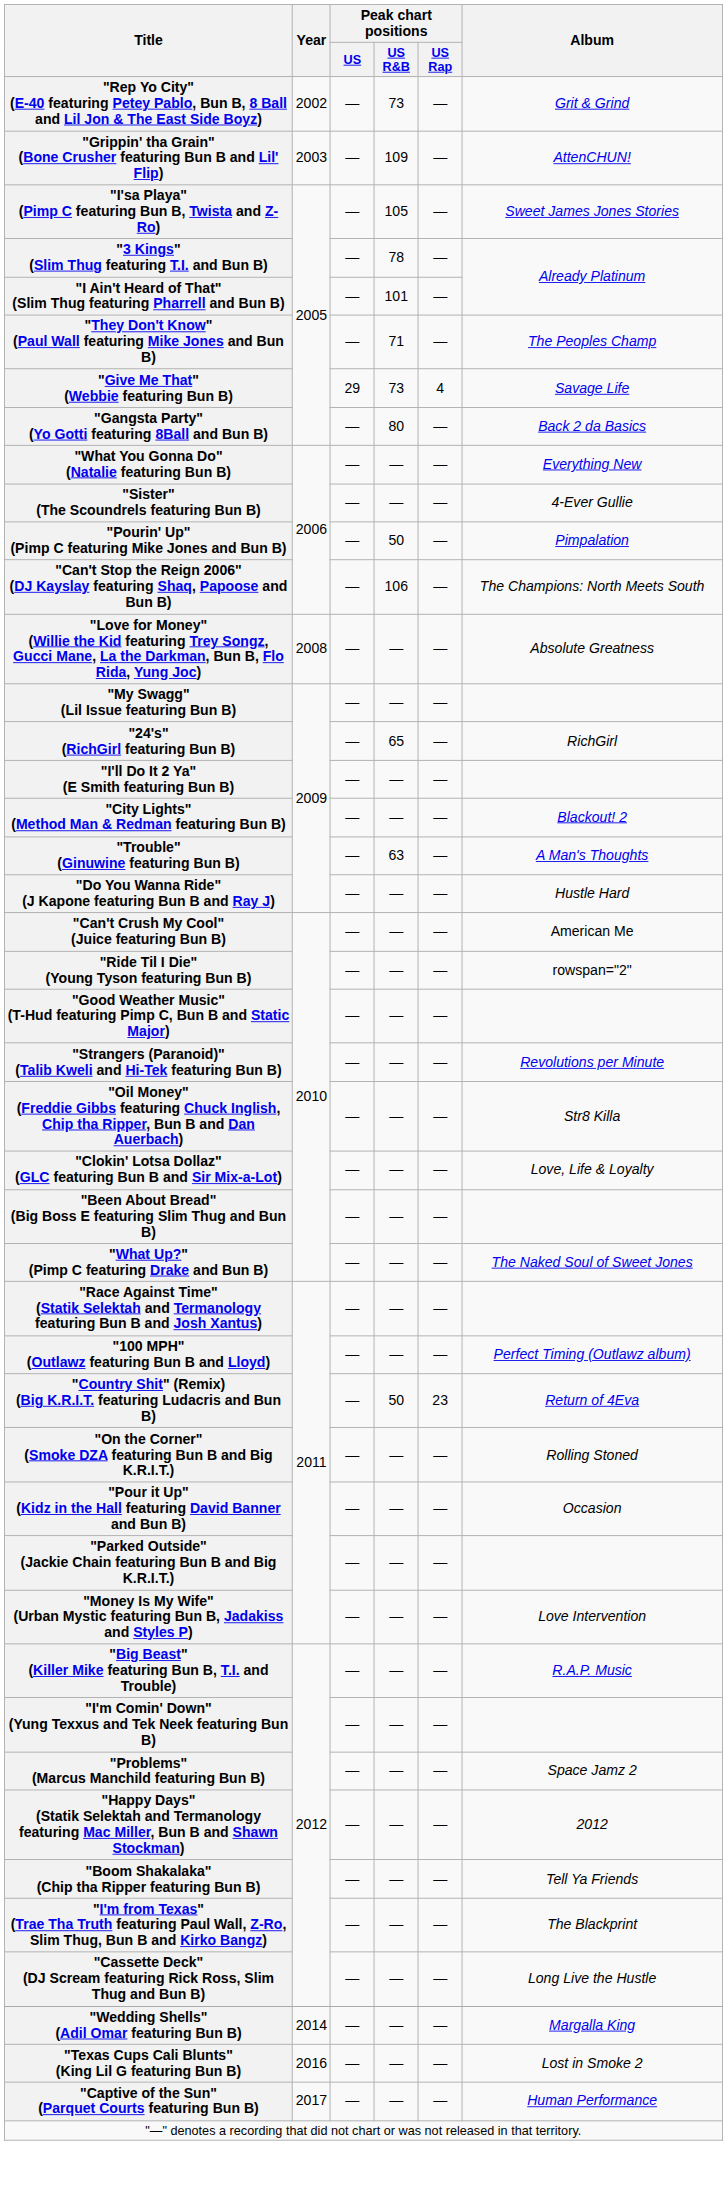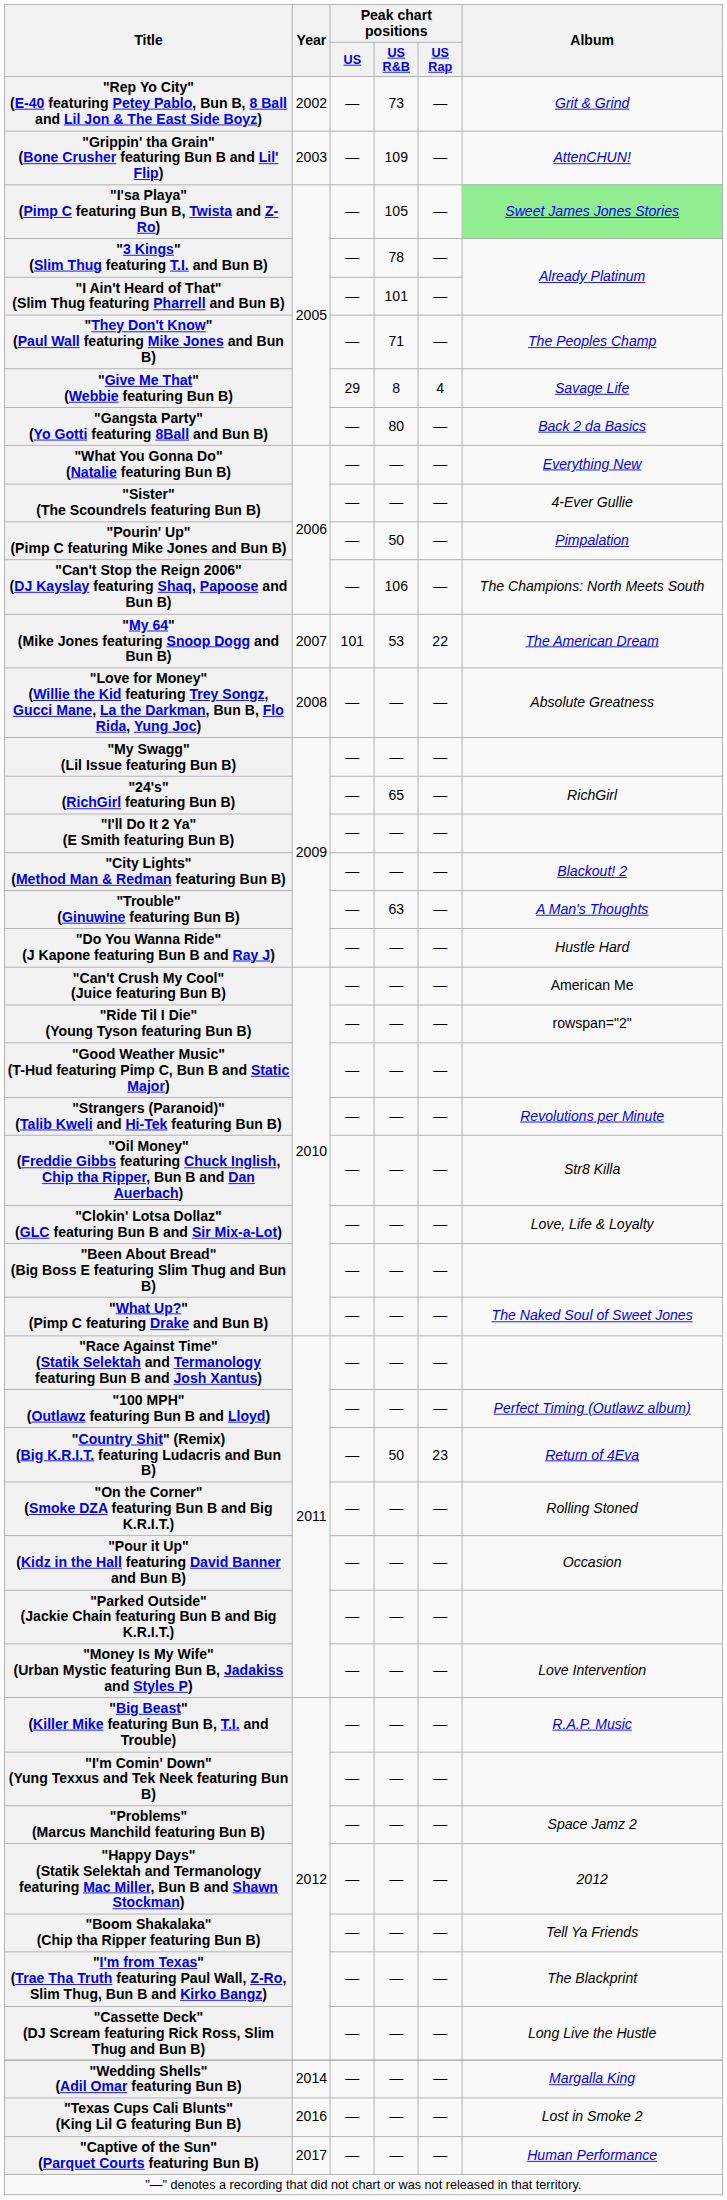 <table class="wikitable plainrowheaders" style="text-align:center;" border="1">
 <tr>
 <th scope="col" rowspan="2" style="width:20em;">Title</th>
 <th scope="col" rowspan="2">Year</th>
 <th scope="col" colspan="3">Peak chart positions</th>
 <th scope="col" rowspan="2" style="width:18em;">Album</th>
 </tr>
 <tr>
 <th scope="col" style="width:3em;font-size:90%;"><a href='#'>US</a><br></th>
 <th scope="col" style="width:3em;font-size:90%;"><a href='#'>US R&B</a><br></th>
 <th scope="col" style="width:3em;font-size:90%;"><a href='#'>US Rap</a><br></th>
 </tr>
 <tr>
 <th scope="row">"Rep Yo City"<br><span>(<a href='#'>E-40</a> featuring <a href='#'>Petey Pablo</a>, Bun B, <a href='#'>8 Ball</a> and <a href='#'>Lil Jon & The East Side Boyz</a>)</span></th>
 <td>2002</td>
 <td>—</td>
 <td>73</td>
 <td>—</td>
 <td><em><a href='#'>Grit & Grind</a></em></td>
 </tr>
 <tr>
 <th scope="row">"Grippin' tha Grain"<br><span>(<a href='#'>Bone Crusher</a> featuring Bun B and <a href='#'>Lil' Flip</a>)</span></th>
 <td>2003</td>
 <td>—</td>
 <td>109</td>
 <td>—</td>
 <td><em><a href='#'>AttenCHUN!</a></em></td>
 </tr>
 <tr>
 <th scope="row">"I'sa Playa"<br><span>(<a href='#'>Pimp C</a> featuring Bun B, <a href='#'>Twista</a> and <a href='#'>Z-Ro</a>)</span></th>
 <td rowspan="6">2005</td>
 <td>—</td>
 <td>105</td>
 <td>—</td>
-<td><em><a href='#'>Sweet James Jones Stories</a></em></td>
+<td style="background: lightgreen;"><em><a href='#'>Sweet James Jones Stories</a></em></td>
 </tr>
 <tr>
 <th scope="row">"<a href='#'>3 Kings</a>"<br><span>(<a href='#'>Slim Thug</a> featuring <a href='#'>T.I.</a> and Bun B)</span></th>
 <td>—</td>
 <td>78</td>
 <td>—</td>
 <td rowspan="2"><em><a href='#'>Already Platinum</a></em></td>
 </tr>
 <tr>
 <th scope="row">"I Ain't Heard of That"<br><span>(Slim Thug featuring <a href='#'>Pharrell</a> and Bun B)</span></th>
 <td>—</td>
 <td>101</td>
 <td>—</td>
 </tr>
 <tr>
 <th scope="row">"<a href='#'>They Don't Know</a>"<br><span>(<a href='#'>Paul Wall</a> featuring <a href='#'>Mike Jones</a> and Bun B)</span></th>
 <td>—</td>
 <td>71</td>
 <td>—</td>
 <td><em><a href='#'>The Peoples Champ</a></em></td>
 </tr>
 <tr>
 <th scope="row">"<a href='#'>Give Me That</a>"<br><span>(<a href='#'>Webbie</a> featuring Bun B)</span></th>
 <td>29</td>
-<td>73</td>
+<td>8</td>
 <td>4</td>
 <td><em><a href='#'>Savage Life</a></em></td>
 </tr>
 <tr>
 <th scope="row">"Gangsta Party"<br><span>(<a href='#'>Yo Gotti</a> featuring <a href='#'>8Ball</a> and Bun B)</span></th>
 <td>—</td>
 <td>80</td>
 <td>—</td>
 <td><em><a href='#'>Back 2 da Basics</a></em></td>
 </tr>
 <tr>
 <th scope="row">"What You Gonna Do"<br><span>(<a href='#'>Natalie</a> featuring Bun B)</span></th>
 <td rowspan="4">2006</td>
 <td>—</td>
 <td>—</td>
 <td>—</td>
 <td><em><a href='#'>Everything New</a></em></td>
 </tr>
 <tr>
 <th scope="row">"Sister"<br><span>(The Scoundrels featuring Bun B)</span></th>
 <td>—</td>
 <td>—</td>
 <td>—</td>
 <td><em>4-Ever Gullie</em></td>
 </tr>
 <tr>
 <th scope="row">"Pourin' Up"<br><span>(Pimp C featuring Mike Jones and Bun B)</span></th>
 <td>—</td>
 <td>50</td>
 <td>—</td>
 <td><em><a href='#'>Pimpalation</a></em></td>
 </tr>
 <tr>
 <th scope="row">"Can't Stop the Reign 2006"<br><span>(<a href='#'>DJ Kayslay</a> featuring <a href='#'>Shaq</a>, <a href='#'>Papoose</a> and Bun B)</span></th>
 <td>—</td>
 <td>106</td>
 <td>—</td>
 <td><em>The Champions: North Meets South</em></td>
+</tr>
+<tr>
+<th scope="row">"<a href='#'>My 64</a>"<br><span>(Mike Jones featuring <a href='#'>Snoop Dogg</a> and Bun B)</span></th>
+<td>2007</td>
+<td>101</td>
+<td>53</td>
+<td>22</td>
+<td><em><a href='#'>The American Dream</a></em></td>
 </tr>
 <tr>
 <th scope="row">"Love for Money"<br><span>(<a href='#'>Willie the Kid</a> featuring <a href='#'>Trey Songz</a>, <a href='#'>Gucci Mane</a>, <a href='#'>La the Darkman</a>, Bun B, <a href='#'>Flo Rida</a>, <a href='#'>Yung Joc</a>)</span></th>
 <td>2008</td>
 <td>—</td>
 <td>—</td>
 <td>—</td>
 <td><em>Absolute Greatness</em></td>
 </tr>
 <tr>
 <th scope="row">"My Swagg"<br><span>(Lil Issue featuring Bun B)</span></th>
 <td rowspan="6">2009</td>
 <td>—</td>
 <td>—</td>
 <td>—</td>
 <td></td>
 </tr>
 <tr>
 <th scope="row">"24's"<br><span>(<a href='#'>RichGirl</a> featuring Bun B)</span></th>
 <td>—</td>
 <td>65</td>
 <td>—</td>
 <td><em>RichGirl</em></td>
 </tr>
 <tr>
 <th scope="row">"I'll Do It 2 Ya"<br><span>(E Smith featuring Bun B)</span></th>
 <td>—</td>
 <td>—</td>
 <td>—</td>
 <td></td>
 </tr>
 <tr>
 <th scope="row">"City Lights"<br><span>(<a href='#'>Method Man & Redman</a> featuring Bun B)</span></th>
 <td>—</td>
 <td>—</td>
 <td>—</td>
 <td><em><a href='#'>Blackout! 2</a></em></td>
 </tr>
 <tr>
 <th scope="row">"Trouble"<br><span>(<a href='#'>Ginuwine</a> featuring Bun B)</span></th>
 <td>—</td>
 <td>63</td>
 <td>—</td>
 <td><em><a href='#'>A Man's Thoughts</a></em></td>
 </tr>
 <tr>
 <th scope="row">"Do You Wanna Ride"<br><span>(J Kapone featuring Bun B and <a href='#'>Ray J</a>)</span></th>
 <td>—</td>
 <td>—</td>
 <td>—</td>
 <td><em>Hustle Hard</em></td>
 </tr>
 <tr>
 <th scope="row">"Can't Crush My Cool"<br><span>(Juice featuring Bun B)</span></th>
 <td rowspan="8">2010</td>
 <td>—</td>
 <td>—</td>
 <td>—</td>
 <td>American Me</td>
 </tr>
 <tr>
 <th scope="row">"Ride Til I Die"<br><span>(Young Tyson featuring Bun B)</span></th>
 <td>—</td>
 <td>—</td>
 <td>—</td>
 <td>rowspan="2" </td>
 </tr>
 <tr>
 <th scope="row">"Good Weather Music"<br><span>(T-Hud featuring Pimp C, Bun B and <a href='#'>Static Major</a>)</span></th>
 <td>—</td>
 <td>—</td>
 <td>—</td>
 </tr>
 <tr>
 <th scope="row">"Strangers (Paranoid)"<br><span>(<a href='#'>Talib Kweli</a> and <a href='#'>Hi-Tek</a> featuring Bun B)</span></th>
 <td>—</td>
 <td>—</td>
 <td>—</td>
 <td><em><a href='#'>Revolutions per Minute</a></em></td>
 </tr>
 <tr>
 <th scope="row">"Oil Money"<br><span>(<a href='#'>Freddie Gibbs</a> featuring <a href='#'>Chuck Inglish</a>, <a href='#'>Chip tha Ripper</a>, Bun B and <a href='#'>Dan Auerbach</a>)</span></th>
 <td>—</td>
 <td>—</td>
 <td>—</td>
 <td><em>Str8 Killa</em></td>
 </tr>
 <tr>
 <th scope="row">"Clokin' Lotsa Dollaz"<br><span>(<a href='#'>GLC</a> featuring Bun B and <a href='#'>Sir Mix-a-Lot</a>)</span></th>
 <td>—</td>
 <td>—</td>
 <td>—</td>
 <td><em>Love, Life & Loyalty</em></td>
 </tr>
 <tr>
 <th scope="row">"Been About Bread"<br><span>(Big Boss E featuring Slim Thug and Bun B)</span></th>
 <td>—</td>
 <td>—</td>
 <td>—</td>
 <td></td>
 </tr>
 <tr>
 <th scope="row">"<a href='#'>What Up?</a>"<br><span>(Pimp C featuring <a href='#'>Drake</a> and Bun B)</span></th>
 <td>—</td>
 <td>—</td>
 <td>—</td>
 <td><em><a href='#'>The Naked Soul of Sweet Jones</a></em></td>
 </tr>
 <tr>
 <th scope="row">"Race Against Time" <br><span>(<a href='#'>Statik Selektah</a> and <a href='#'>Termanology</a> featuring Bun B and <a href='#'>Josh Xantus</a>)</span></th>
 <td rowspan="7">2011</td>
 <td>—</td>
 <td>—</td>
 <td>—</td>
 <td></td>
 </tr>
 <tr>
 <th scope="row">"100 MPH" <br><span>(<a href='#'>Outlawz</a> featuring Bun B and <a href='#'>Lloyd</a>)</span></th>
 <td>—</td>
 <td>—</td>
 <td>—</td>
 <td><em><a href='#'>Perfect Timing (Outlawz album)</a></em></td>
 </tr>
 <tr>
 <th scope="row">"<a href='#'>Country Shit</a>" (Remix)<br><span>(<a href='#'>Big K.R.I.T.</a> featuring Ludacris and Bun B)</span></th>
 <td>—</td>
 <td>50</td>
 <td>23</td>
 <td><em><a href='#'>Return of 4Eva</a></em></td>
 </tr>
 <tr>
 <th scope="row">"On the Corner" <br><span>(<a href='#'>Smoke DZA</a> featuring Bun B and Big K.R.I.T.)</span></th>
 <td>—</td>
 <td>—</td>
 <td>—</td>
 <td><em>Rolling Stoned </em></td>
 </tr>
 <tr>
 <th scope="row">"Pour it Up" <br><span>(<a href='#'>Kidz in the Hall</a> featuring <a href='#'>David Banner</a> and Bun B)</span></th>
 <td>—</td>
 <td>—</td>
 <td>—</td>
 <td><em>Occasion</em></td>
 </tr>
 <tr>
 <th scope="row">"Parked Outside" <br><span>(Jackie Chain featuring Bun B and Big K.R.I.T.)</span></th>
 <td>—</td>
 <td>—</td>
 <td>—</td>
 <td></td>
 </tr>
 <tr>
 <th scope="row">"Money Is My Wife" <br><span>(Urban Mystic featuring Bun B, <a href='#'>Jadakiss</a> and <a href='#'>Styles P</a>)</span></th>
 <td>—</td>
 <td>—</td>
 <td>—</td>
 <td><em>Love Intervention</em></td>
 </tr>
 <tr>
 <th scope="row">"<a href='#'>Big Beast</a>"<br><span>(<a href='#'>Killer Mike</a> featuring Bun B, <a href='#'>T.I.</a> and Trouble)</span></th>
 <td rowspan="7">2012</td>
 <td>—</td>
 <td>—</td>
 <td>—</td>
 <td><em><a href='#'>R.A.P. Music</a></em></td>
 </tr>
 <tr>
 <th scope="row">"I'm Comin' Down"<br><span>(Yung Texxus and Tek Neek featuring Bun B)</span></th>
 <td>—</td>
 <td>—</td>
 <td>—</td>
 <td></td>
 </tr>
 <tr>
 <th scope="row">"Problems"<br><span>(Marcus Manchild featuring Bun B)</span></th>
 <td>—</td>
 <td>—</td>
 <td>—</td>
 <td><em>Space Jamz 2</em></td>
 </tr>
 <tr>
 <th scope="row">"Happy Days"<br><span>(Statik Selektah and Termanology featuring <a href='#'>Mac Miller</a>, Bun B and <a href='#'>Shawn Stockman</a>)</span></th>
 <td>—</td>
 <td>—</td>
 <td>—</td>
 <td><em>2012</em></td>
 </tr>
 <tr>
 <th scope="row">"Boom Shakalaka"<br><span>(Chip tha Ripper featuring Bun B)</span></th>
 <td>—</td>
 <td>—</td>
 <td>—</td>
 <td><em>Tell Ya Friends</em></td>
 </tr>
 <tr>
 <th scope="row">"<a href='#'>I'm from Texas</a>"<br><span>(<a href='#'>Trae Tha Truth</a> featuring Paul Wall, <a href='#'>Z-Ro</a>, Slim Thug, Bun B and <a href='#'>Kirko Bangz</a>)</span></th>
 <td>—</td>
 <td>—</td>
 <td>—</td>
 <td><em>The Blackprint</em></td>
 </tr>
 <tr>
 <th scope="row">"Cassette Deck"<br><span>(DJ Scream featuring Rick Ross, Slim Thug and Bun B)</span></th>
 <td>—</td>
 <td>—</td>
 <td>—</td>
 <td><em>Long Live the Hustle</em></td>
 </tr>
 <tr>
 </tr>
 <tr>
 <th scope="row">"Wedding Shells"<br><span>(<a href='#'>Adil Omar</a> featuring Bun B)</span></th>
 <td>2014</td>
 <td>—</td>
 <td>—</td>
 <td>—</td>
 <td><em><a href='#'>Margalla King</a></em></td>
 </tr>
 <tr>
 <th scope="row">"Texas Cups Cali Blunts"<br><span>(King Lil G featuring Bun B)</span></th>
 <td>2016</td>
 <td>—</td>
 <td>—</td>
 <td>—</td>
 <td><em>Lost in Smoke 2</em></td>
 </tr>
 <tr>
 <th scope="row">"Captive of the Sun"<br><span>(<a href='#'>Parquet Courts</a> featuring Bun B)</span></th>
 <td>2017</td>
 <td>—</td>
 <td>—</td>
 <td>—</td>
 <td><em><a href='#'>Human Performance</a></em></td>
 </tr>
 <tr>
 <td colspan="6" style="font-size:90%">"—" denotes a recording that did not chart or was not released in that territory.</td>
 </tr>
 </table>
